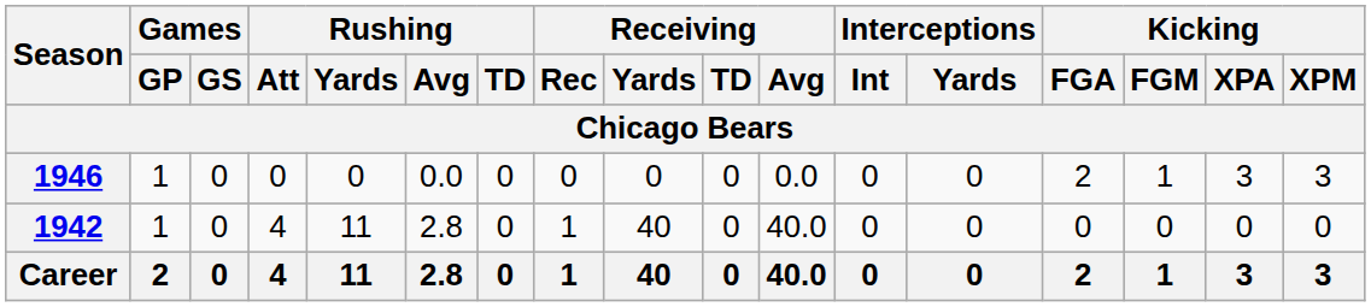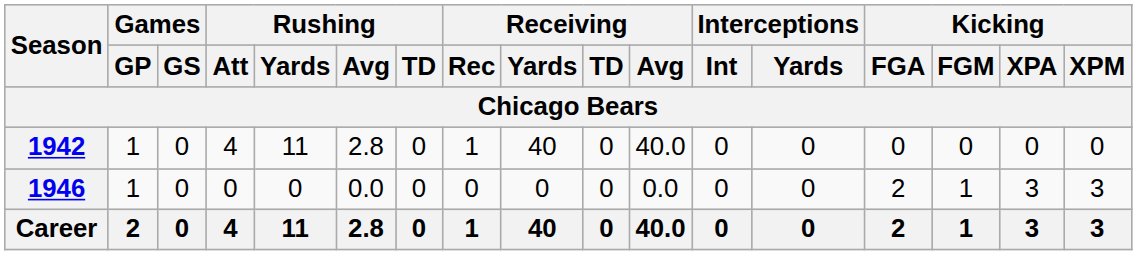 <table class="wikitable" style="text-align:center;">
 <tr>
 <th rowspan="2">Season</th>
 <th colspan="2">Games</th>
 <th colspan="4">Rushing</th>
 <th colspan="4">Receiving</th>
 <th colspan="2">Interceptions</th>
 <th colspan="4">Kicking</th>
 </tr>
 <tr>
 <th>GP</th>
 <th>GS</th>
 <th>Att</th>
 <th>Yards</th>
 <th>Avg</th>
 <th>TD</th>
 <th>Rec</th>
 <th>Yards</th>
 <th>TD</th>
 <th>Avg</th>
 <th>Int</th>
 <th>Yards</th>
 <th>FGA</th>
 <th>FGM</th>
 <th>XPA</th>
 <th>XPM</th>
 </tr>
 <tr>
 <th colspan="17">Chicago Bears</th>
 </tr>
 <tr>
+<th><a href='#'>1942</a></th>
+<td>1</td>
+<td>0</td>
+<td>4</td>
+<td>11</td>
+<td>2.8</td>
+<td>0</td>
+<td>1</td>
+<td>40</td>
+<td>0</td>
+<td>40.0</td>
+<td>0</td>
+<td>0</td>
+<td>0</td>
+<td>0</td>
+<td>0</td>
+<td>0</td>
+</tr>
+<tr>
 <th><a href='#'>1946</a></th>
 <td>1</td>
 <td>0</td>
 <td>0</td>
 <td>0</td>
 <td>0.0</td>
 <td>0</td>
 <td>0</td>
 <td>0</td>
 <td>0</td>
 <td>0.0</td>
 <td>0</td>
 <td>0</td>
 <td>2</td>
 <td>1</td>
 <td>3</td>
 <td>3</td>
-</tr>
-<tr>
-<th><a href='#'>1942</a></th>
-<td>1</td>
-<td>0</td>
-<td>4</td>
-<td>11</td>
-<td>2.8</td>
-<td>0</td>
-<td>1</td>
-<td>40</td>
-<td>0</td>
-<td>40.0</td>
-<td>0</td>
-<td>0</td>
-<td>0</td>
-<td>0</td>
-<td>0</td>
-<td>0</td>
 </tr>
 <tr>
 <th>Career</th>
 <th>2</th>
 <th>0</th>
 <th>4</th>
 <th>11</th>
 <th>2.8</th>
 <th>0</th>
 <th>1</th>
 <th>40</th>
 <th>0</th>
 <th>40.0</th>
 <th>0</th>
 <th>0</th>
 <th>2</th>
 <th>1</th>
 <th>3</th>
 <th>3</th>
 </tr>
 </table>
